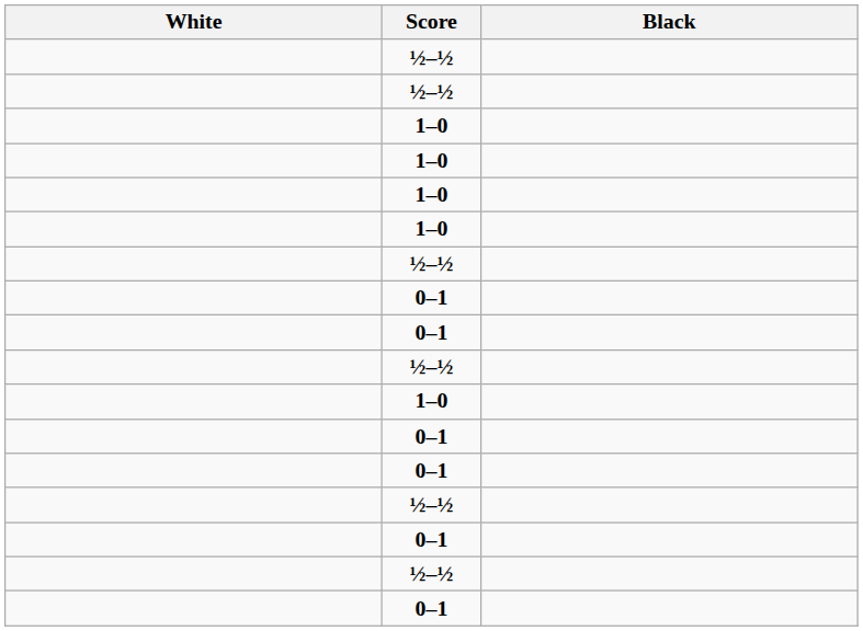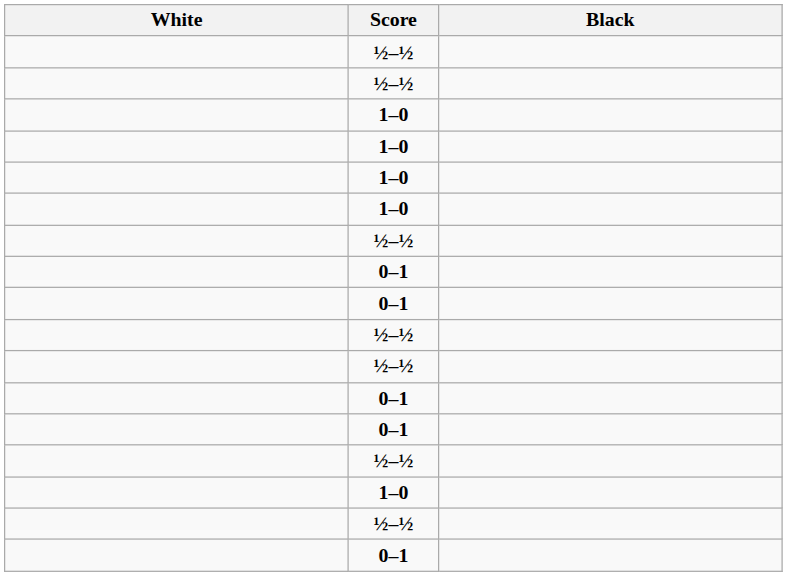 <table class="wikitable" style="text-align: center;">
 <tr>
 <th align="right" width="270">White</th>
 <th width="65">Score</th>
 <th align="left" width="270">Black</th>
 </tr>
 <tr>
 <td align=left></td>
 <td align=center><strong>½–½</strong></td>
 <td align=left><strong></strong></td>
 </tr>
 <tr>
 <td align=left></td>
 <td align=center><strong>½–½</strong></td>
 <td align=left></td>
 </tr>
 <tr>
 <td align=left></td>
 <td align=center><strong>1–0</strong></td>
 <td align=left></td>
 </tr>
 <tr>
 <td align=left><strong></strong></td>
 <td align=center><strong>1–0</strong></td>
 <td align=left></td>
 </tr>
 <tr>
 <td align=left><strong></strong></td>
 <td align=center><strong>1–0</strong></td>
 <td align=left></td>
 </tr>
 <tr>
 <td align=left><strong></strong></td>
 <td align=center><strong>1–0</strong></td>
 <td align=left></td>
 </tr>
 <tr>
 <td align=left></td>
 <td align=center><strong>½–½</strong></td>
 <td align=left></td>
 </tr>
 <tr>
 <td align=left></td>
 <td align=center><strong>0–1</strong></td>
 <td align=left></td>
 </tr>
 <tr>
 <td align=left></td>
 <td align=center><strong>0–1</strong></td>
 <td align=left></td>
 </tr>
 <tr>
 <td align=left><strong></strong></td>
 <td align=center><strong>½–½</strong></td>
 <td align=left></td>
 </tr>
 <tr>
 <td align=left><strong></strong></td>
-<td align=center><strong>1–0</strong></td>
+<td align=center><strong>½–½</strong></td>
 <td align=left></td>
 </tr>
 <tr>
 <td align=left></td>
 <td align=center><strong>0–1</strong></td>
 <td align=left><strong></strong></td>
 </tr>
 <tr>
 <td align=left></td>
 <td align=center><strong>0–1</strong></td>
 <td align=left><strong></strong></td>
 </tr>
 <tr>
 <td align=left></td>
 <td align=center><strong>½–½</strong></td>
 <td align=left></td>
 </tr>
 <tr>
 <td align=left><strong></strong></td>
-<td align=center><strong>0–1</strong></td>
+<td align=center><strong>1–0</strong></td>
 <td align=left></td>
 </tr>
 <tr>
 <td align=left></td>
 <td align=center><strong>½–½</strong></td>
 <td align=left><strong></strong></td>
 </tr>
 <tr>
 <td align=left></td>
 <td align=center><strong>0–1</strong></td>
 <td align=left><strong></strong></td>
 </tr>
 </table>
